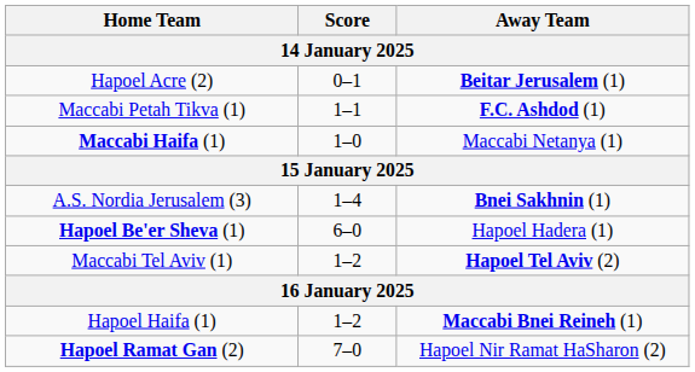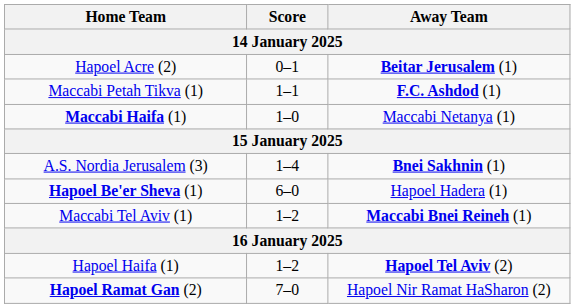 <table class="wikitable" style="text-align: center;">
 <tr>
 <th width="240px">Home Team</th>
 <th width="75px">Score</th>
 <th width="240px">Away Team</th>
 </tr>
 <tr>
 <th colspan=3>14 January 2025</th>
 </tr>
 <tr>
 <td><a href='#'>Hapoel Acre</a> (2)</td>
 <td>0–1</td>
 <td><strong><a href='#'>Beitar Jerusalem</a></strong> (1)</td>
 </tr>
 <tr>
 <td><a href='#'>Maccabi Petah Tikva</a> (1)</td>
 <td>1–1 </td>
 <td><strong><a href='#'>F.C. Ashdod</a></strong> (1)</td>
 </tr>
 <tr>
 <td><strong><a href='#'>Maccabi Haifa</a></strong> (1)</td>
 <td>1–0</td>
 <td><a href='#'>Maccabi Netanya</a> (1)</td>
 </tr>
 <tr>
 <th colspan=3>15 January 2025</th>
 </tr>
 <tr>
 <td><a href='#'>A.S. Nordia Jerusalem</a> (3)</td>
 <td>1–4</td>
 <td><strong><a href='#'>Bnei Sakhnin</a></strong> (1)</td>
 </tr>
 <tr>
 <td><strong><a href='#'>Hapoel Be'er Sheva</a></strong> (1)</td>
 <td>6–0</td>
 <td><a href='#'>Hapoel Hadera</a> (1)</td>
 </tr>
 <tr>
 <td><a href='#'>Maccabi Tel Aviv</a> (1)</td>
 <td>1–2</td>
-<td><strong><a href='#'>Hapoel Tel Aviv</a></strong> (2)</td>
+<td><strong><a href='#'>Maccabi Bnei Reineh</a></strong> (1)</td>
 </tr>
 <tr>
 <th colspan=3>16 January 2025</th>
 </tr>
 <tr>
 <td><a href='#'>Hapoel Haifa</a> (1)</td>
 <td>1–2</td>
-<td><strong><a href='#'>Maccabi Bnei Reineh</a></strong> (1)</td>
+<td><strong><a href='#'>Hapoel Tel Aviv</a></strong> (2)</td>
 </tr>
 <tr>
 <td><strong><a href='#'>Hapoel Ramat Gan</a></strong> (2)</td>
 <td>7–0</td>
 <td><a href='#'>Hapoel Nir Ramat HaSharon</a> (2)</td>
 </tr>
 </table>
